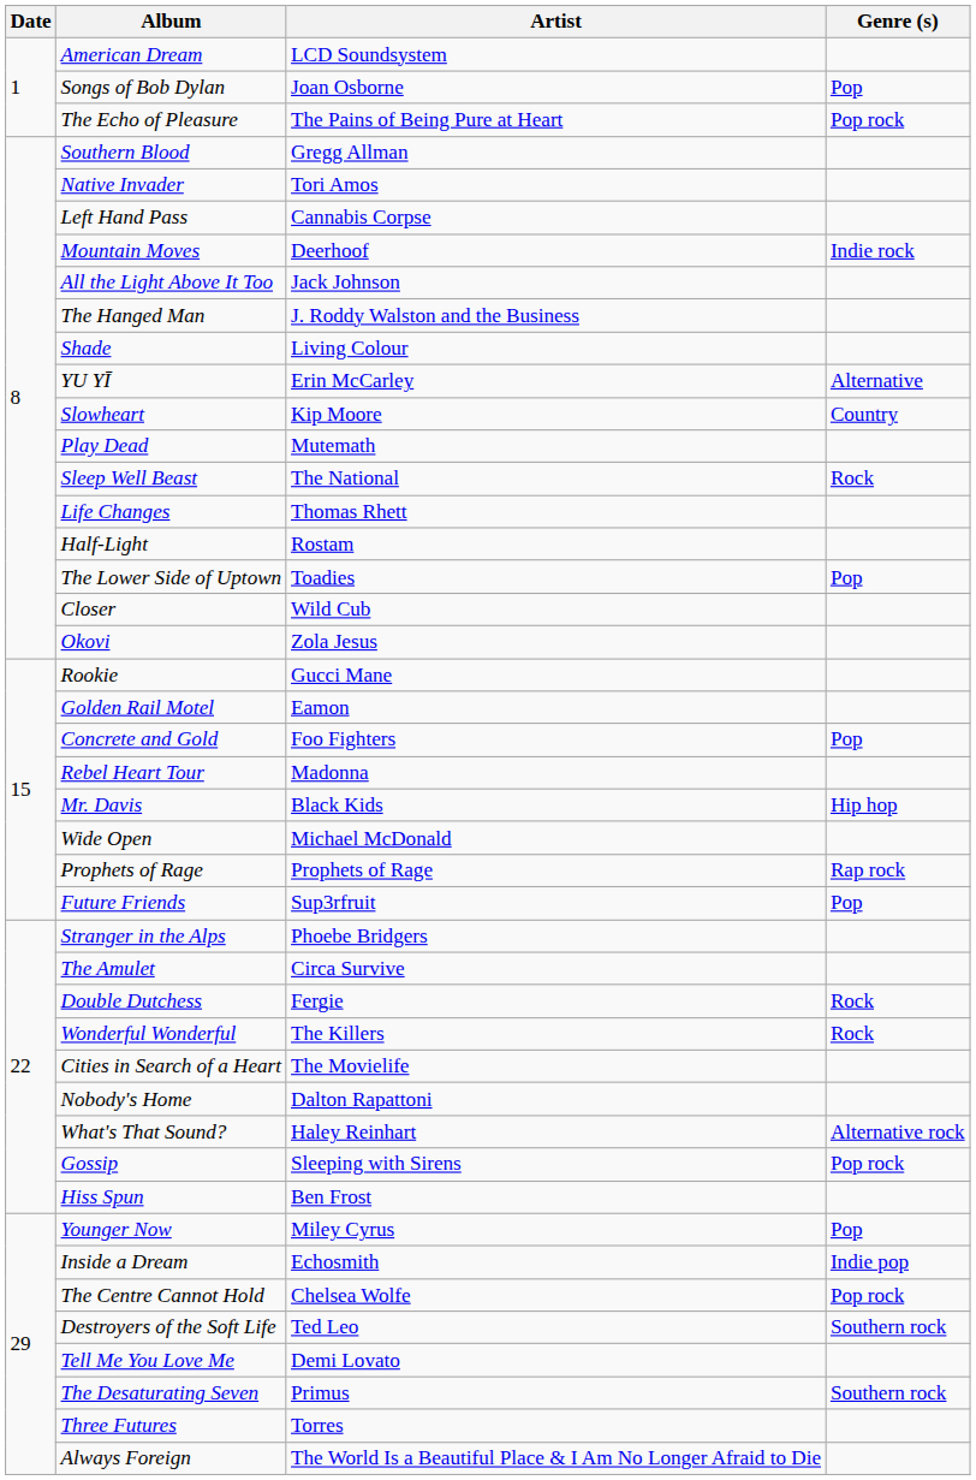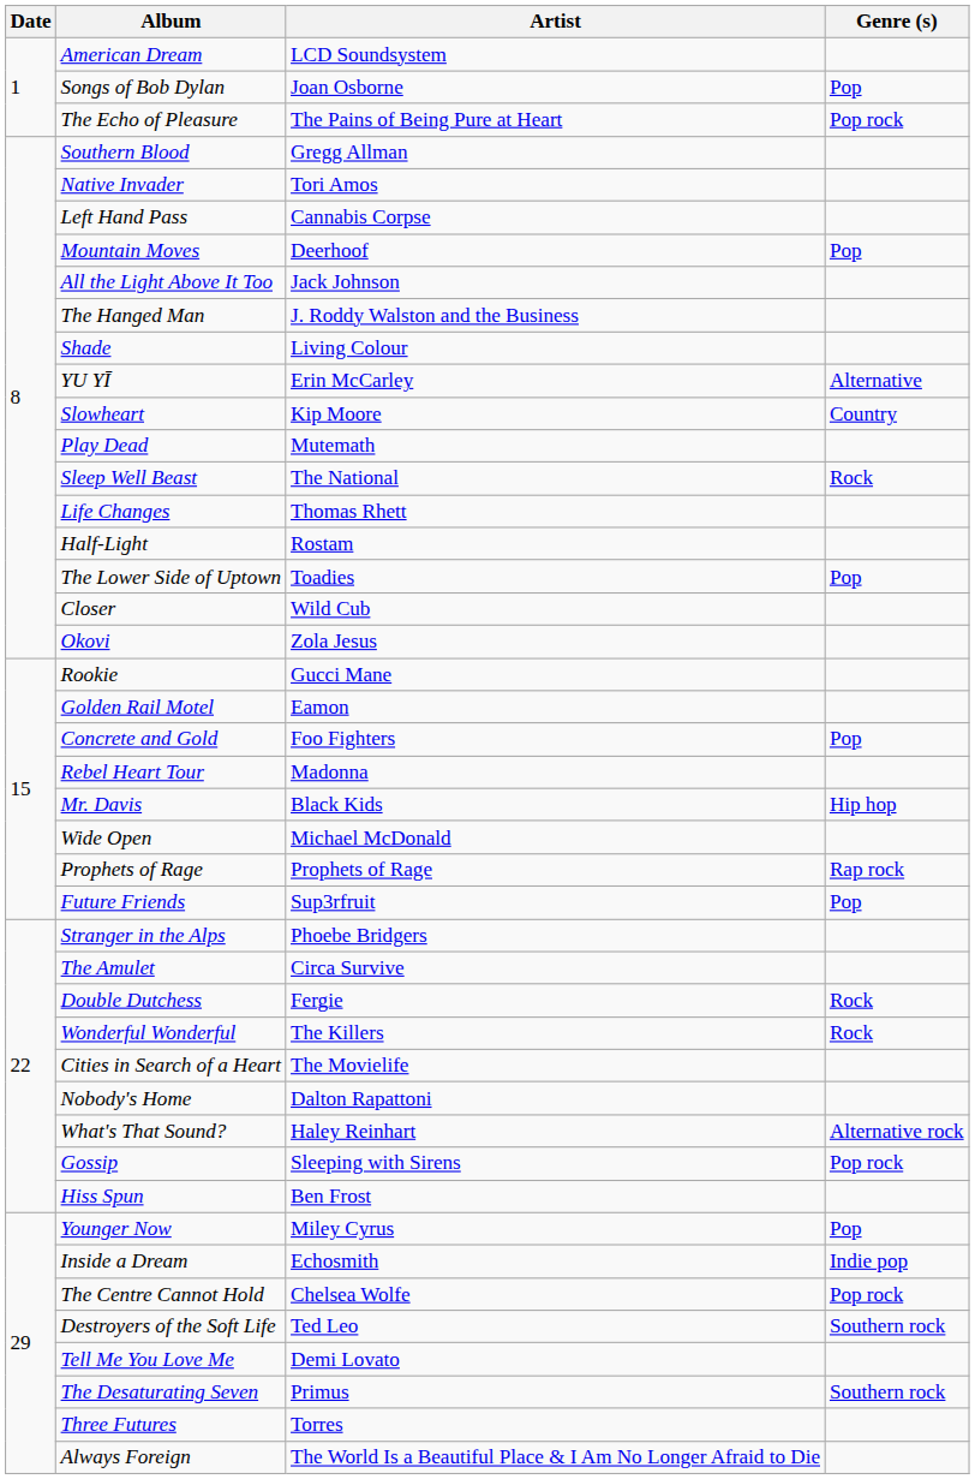 <table class="wikitable">
 <tr>
 <th>Date</th>
 <th>Album</th>
 <th>Artist</th>
 <th>Genre (s)</th>
 </tr>
 <tr>
 <td rowspan="3">1</td>
 <td><em><a href='#'>American Dream</a></em></td>
 <td><a href='#'>LCD Soundsystem</a></td>
 <td></td>
 </tr>
 <tr>
 <td><em>Songs of Bob Dylan</em></td>
 <td><a href='#'>Joan Osborne</a></td>
 <td><a href='#'>Pop</a></td>
 </tr>
 <tr>
 <td><em>The Echo of Pleasure</em></td>
 <td><a href='#'>The Pains of Being Pure at Heart</a></td>
 <td><a href='#'>Pop rock</a></td>
 </tr>
 <tr>
 <td rowspan="16">8</td>
 <td><em><a href='#'>Southern Blood</a></em></td>
 <td><a href='#'>Gregg Allman</a></td>
 <td></td>
 </tr>
 <tr>
 <td><em><a href='#'>Native Invader</a></em></td>
 <td><a href='#'>Tori Amos</a></td>
 <td></td>
 </tr>
 <tr>
 <td><em>Left Hand Pass</em></td>
 <td><a href='#'>Cannabis Corpse</a></td>
 <td></td>
 </tr>
 <tr>
 <td><em><a href='#'>Mountain Moves</a></em></td>
 <td><a href='#'>Deerhoof</a></td>
-<td><a href='#'>Indie rock</a></td>
+<td><a href='#'>Pop</a></td>
 </tr>
 <tr>
 <td><em><a href='#'>All the Light Above It Too</a></em></td>
 <td><a href='#'>Jack Johnson</a></td>
 <td></td>
 </tr>
 <tr>
 <td><em>The Hanged Man</em></td>
 <td><a href='#'>J. Roddy Walston and the Business</a></td>
 <td></td>
 </tr>
 <tr>
 <td><em><a href='#'>Shade</a></em></td>
 <td><a href='#'>Living Colour</a></td>
 <td></td>
 </tr>
 <tr>
 <td><em>YU YĪ</em></td>
 <td><a href='#'>Erin McCarley</a></td>
 <td><a href='#'>Alternative</a></td>
 </tr>
 <tr>
 <td><em><a href='#'>Slowheart</a></em></td>
 <td><a href='#'>Kip Moore</a></td>
 <td><a href='#'>Country</a></td>
 </tr>
 <tr>
 <td><em><a href='#'>Play Dead</a></em></td>
 <td><a href='#'>Mutemath</a></td>
 <td></td>
 </tr>
 <tr>
 <td><em><a href='#'>Sleep Well Beast</a></em></td>
 <td><a href='#'>The National</a></td>
 <td><a href='#'>Rock</a></td>
 </tr>
 <tr>
 <td><em><a href='#'>Life Changes</a></em></td>
 <td><a href='#'>Thomas Rhett</a></td>
 <td></td>
 </tr>
 <tr>
 <td><em>Half-Light</em></td>
 <td><a href='#'>Rostam</a></td>
 <td></td>
 </tr>
 <tr>
 <td><em>The Lower Side of Uptown</em></td>
 <td><a href='#'>Toadies</a></td>
 <td><a href='#'>Pop</a></td>
 </tr>
 <tr>
 <td><em>Closer</em></td>
 <td><a href='#'>Wild Cub</a></td>
 <td></td>
 </tr>
 <tr>
 <td><em><a href='#'>Okovi</a></em></td>
 <td><a href='#'>Zola Jesus</a></td>
 <td></td>
 </tr>
 <tr>
 <td rowspan="8">15</td>
 <td><em>Rookie</em></td>
 <td><a href='#'>Gucci Mane</a></td>
 <td></td>
 </tr>
 <tr>
 <td><em><a href='#'>Golden Rail Motel</a></em></td>
 <td><a href='#'>Eamon</a></td>
 <td></td>
 </tr>
 <tr>
 <td><em><a href='#'>Concrete and Gold</a></em></td>
 <td><a href='#'>Foo Fighters</a></td>
 <td><a href='#'>Pop</a></td>
 </tr>
 <tr>
 <td><em><a href='#'>Rebel Heart Tour</a></em></td>
 <td><a href='#'>Madonna</a></td>
 <td></td>
 </tr>
 <tr>
 <td><em><a href='#'>Mr. Davis</a></em></td>
 <td><a href='#'>Black Kids</a></td>
 <td><a href='#'>Hip hop</a></td>
 </tr>
 <tr>
 <td><em>Wide Open</em></td>
 <td><a href='#'>Michael McDonald</a></td>
 <td></td>
 </tr>
 <tr>
 <td><em>Prophets of Rage</em></td>
 <td><a href='#'>Prophets of Rage</a></td>
 <td><a href='#'>Rap rock</a></td>
 </tr>
 <tr>
 <td><em><a href='#'>Future Friends</a></em></td>
 <td><a href='#'>Sup3rfruit</a></td>
 <td><a href='#'>Pop</a></td>
 </tr>
 <tr>
 <td rowspan="9">22</td>
 <td><em><a href='#'>Stranger in the Alps</a></em></td>
 <td><a href='#'>Phoebe Bridgers</a></td>
 <td></td>
 </tr>
 <tr>
 <td><em><a href='#'>The Amulet</a></em></td>
 <td><a href='#'>Circa Survive</a></td>
 <td></td>
 </tr>
 <tr>
 <td><em><a href='#'>Double Dutchess</a></em></td>
 <td><a href='#'>Fergie</a></td>
 <td><a href='#'>Rock</a></td>
 </tr>
 <tr>
 <td><em><a href='#'>Wonderful Wonderful</a></em></td>
 <td><a href='#'>The Killers</a></td>
 <td><a href='#'>Rock</a></td>
 </tr>
 <tr>
 <td><em>Cities in Search of a Heart</em></td>
 <td><a href='#'>The Movielife</a></td>
 <td></td>
 </tr>
 <tr>
 <td><em>Nobody's Home</em></td>
 <td><a href='#'>Dalton Rapattoni</a></td>
 <td></td>
 </tr>
 <tr>
 <td><em>What's That Sound?</em></td>
 <td><a href='#'>Haley Reinhart</a></td>
 <td><a href='#'>Alternative rock</a></td>
 </tr>
 <tr>
 <td><em><a href='#'>Gossip</a></em></td>
 <td><a href='#'>Sleeping with Sirens</a></td>
 <td><a href='#'>Pop rock</a></td>
 </tr>
 <tr>
 <td><em><a href='#'>Hiss Spun</a></em></td>
 <td><a href='#'>Ben Frost</a></td>
 <td></td>
 </tr>
 <tr>
 <td rowspan="8">29</td>
 <td><em><a href='#'>Younger Now</a></em></td>
 <td><a href='#'>Miley Cyrus</a></td>
 <td><a href='#'>Pop</a></td>
 </tr>
 <tr>
 <td><em>Inside a Dream</em></td>
 <td><a href='#'>Echosmith</a></td>
 <td><a href='#'>Indie pop</a></td>
 </tr>
 <tr>
 <td><em>The Centre Cannot Hold</em></td>
 <td><a href='#'>Chelsea Wolfe</a></td>
 <td><a href='#'>Pop rock</a></td>
 </tr>
 <tr>
 <td><em>Destroyers of the Soft Life</em></td>
 <td><a href='#'>Ted Leo</a></td>
 <td><a href='#'>Southern rock</a></td>
 </tr>
 <tr>
 <td><em><a href='#'>Tell Me You Love Me</a></em></td>
 <td><a href='#'>Demi Lovato</a></td>
 <td></td>
 </tr>
 <tr>
 <td><em><a href='#'>The Desaturating Seven</a></em></td>
 <td><a href='#'>Primus</a></td>
 <td><a href='#'>Southern rock</a></td>
 </tr>
 <tr>
 <td><em><a href='#'>Three Futures</a></em></td>
 <td><a href='#'>Torres</a></td>
 <td></td>
 </tr>
 <tr>
 <td><em>Always Foreign</em></td>
 <td><a href='#'>The World Is a Beautiful Place & I Am No Longer Afraid to Die</a></td>
 <td></td>
 </tr>
 </table>
